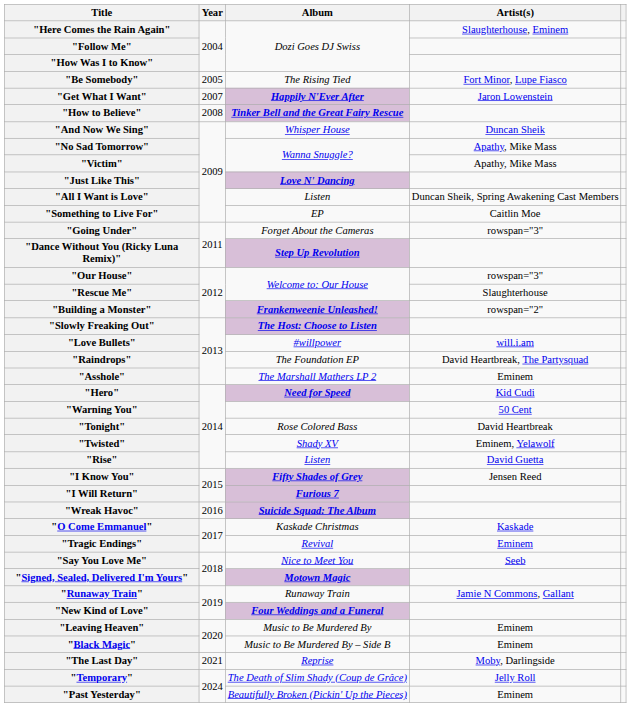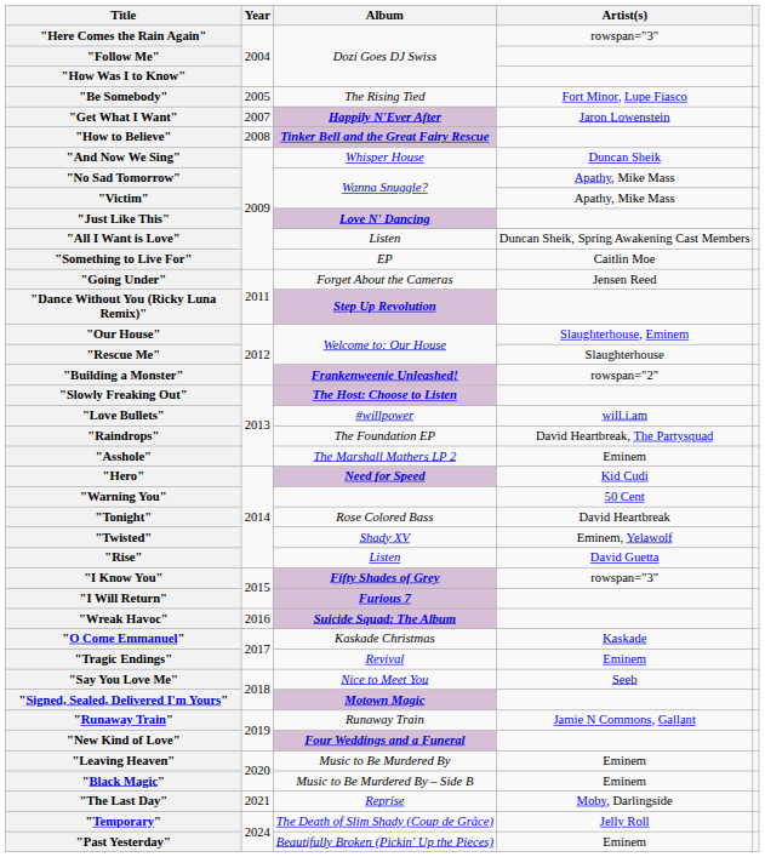 <table class="wikitable plainrowheaders" style="text-align:center;">
 <tr>
 <th scope="col" style="width:18em;">Title</th>
 <th scope="col">Year</th>
 <th scope="col">Album</th>
 <th scope="col">Artist(s)</th>
 <th scope="col"></th>
 </tr>
 <tr>
 <th scope="row">"Here Comes the Rain Again"</th>
 <td rowspan="3">2004</td>
 <td rowspan="3"><em>Dozi Goes DJ Swiss</em></td>
-<td><a href='#'>Slaughterhouse</a>, <a href='#'>Eminem</a></td>
+<td>rowspan="3" </td>
 <td></td>
 </tr>
 <tr>
 <th scope="row">"Follow Me"</th>
 <td></td>
 </tr>
 <tr>
 <th scope="row">"How Was I to Know"</th>
 <td></td>
 </tr>
 <tr>
 <th scope="row">"Be Somebody"</th>
 <td>2005</td>
 <td><em>The Rising Tied</em></td>
 <td><a href='#'>Fort Minor</a>, <a href='#'>Lupe Fiasco</a></td>
 <td></td>
 </tr>
 <tr>
 <th scope="row">"Get What I Want"</th>
 <td>2007</td>
 <th style="background:thistle;"><em><a href='#'>Happily N'Ever After</a></em></th>
 <td><a href='#'>Jaron Lowenstein</a></td>
 <td></td>
 </tr>
 <tr>
 <th scope="row">"How to Believe"</th>
 <td>2008</td>
 <th style="background:thistle;"><em><a href='#'>Tinker Bell and the Great Fairy Rescue</a></em></th>
 <td></td>
 <td></td>
 </tr>
 <tr>
 <th scope="row">"And Now We Sing"</th>
 <td rowspan="6">2009</td>
 <td><em><a href='#'>Whisper House</a></em></td>
 <td><a href='#'>Duncan Sheik</a></td>
 <td></td>
 </tr>
 <tr>
 <th scope="row">"No Sad Tomorrow"</th>
 <td rowspan="2"><em><a href='#'>Wanna Snuggle?</a></em></td>
 <td><a href='#'>Apathy</a>, Mike Mass</td>
 <td></td>
 </tr>
 <tr>
 <th scope="row">"Victim"</th>
 <td>Apathy, Mike Mass</td>
 <td></td>
 </tr>
 <tr>
 <th scope="row">"Just Like This" </th>
 <th style="background:thistle;"><em><a href='#'>Love N' Dancing</a></em></th>
 <td></td>
 <td></td>
 </tr>
 <tr>
 <th scope="row">"All I Want is Love"</th>
 <td><em>Listen</em></td>
 <td>Duncan Sheik, Spring Awakening Cast Members</td>
 <td></td>
 </tr>
 <tr>
 <th scope="row">"Something to Live For" </th>
 <td><em>EP</em></td>
 <td>Caitlin Moe</td>
 <td></td>
 </tr>
 <tr>
 <th scope="row">"Going Under" </th>
 <td rowspan="2">2011</td>
 <td><em>Forget About the Cameras</em></td>
-<td>rowspan="3" </td>
+<td>Jensen Reed</td>
 <td></td>
 </tr>
 <tr>
 <th scope="row">"Dance Without You (Ricky Luna Remix)"</th>
 <th style="background:thistle;"><em><a href='#'>Step Up Revolution</a></em></th>
 <td></td>
 <td></td>
 </tr>
 <tr>
 <th scope="row">"Our House"</th>
 <td rowspan="3">2012</td>
 <td rowspan="2"><em><a href='#'>Welcome to: Our House</a></em></td>
-<td>rowspan="3" </td>
+<td><a href='#'>Slaughterhouse</a>, <a href='#'>Eminem</a></td>
 <td></td>
 </tr>
 <tr>
 <th scope="row">"Rescue Me"</th>
 <td>Slaughterhouse</td>
 <td></td>
 </tr>
 <tr>
 <th scope="row">"Building a Monster"</th>
 <th style="background:thistle;"><em><a href='#'>Frankenweenie Unleashed!</a></em></th>
 <td>rowspan="2" </td>
 <td></td>
 </tr>
 <tr>
 <th scope="row">"Slowly Freaking Out"</th>
 <td rowspan="4">2013</td>
 <th style="background:thistle;"><em><a href='#'>The Host: Choose to Listen</a></em></th>
 <td></td>
 </tr>
 <tr>
 <th scope="row">"Love Bullets"</th>
 <td><em><a href='#'>#willpower</a></em></td>
 <td><a href='#'>will.i.am</a></td>
 <td></td>
 </tr>
 <tr>
 <th scope="row">"Raindrops"</th>
 <td><em>The Foundation EP</em></td>
 <td>David Heartbreak, <a href='#'>The Partysquad</a></td>
 <td></td>
 </tr>
 <tr>
 <th scope="row">"Asshole"</th>
 <td><em><a href='#'>The Marshall Mathers LP 2</a></em></td>
 <td>Eminem</td>
 <td></td>
 </tr>
 <tr>
 <th scope="row">"Hero"</th>
 <td rowspan="5">2014</td>
 <th scope="center" style="background:thistle;"><a href='#'><em>Need for Speed</em></a></th>
 <td><a href='#'>Kid Cudi</a></td>
 <td></td>
 </tr>
 <tr>
 <th scope="row">"Warning You"</th>
 <td></td>
 <td><a href='#'>50 Cent</a></td>
 <td></td>
 </tr>
 <tr>
 <th scope="row">"Tonight"</th>
 <td><em>Rose Colored Bass</em></td>
 <td>David Heartbreak</td>
 <td></td>
 </tr>
 <tr>
 <th scope="row">"Twisted"</th>
 <td><em><a href='#'>Shady XV</a></em></td>
 <td>Eminem, <a href='#'>Yelawolf</a></td>
 <td></td>
 </tr>
 <tr>
 <th scope="row">"Rise"</th>
 <td><em><a href='#'>Listen</a></em></td>
 <td><a href='#'>David Guetta</a></td>
 <td></td>
 </tr>
 <tr>
 <th scope="row">"I Know You"</th>
 <td rowspan="2">2015</td>
 <th scope="center" style="background:thistle;"><a href='#'><em>Fifty Shades of Grey</em></a></th>
-<td>Jensen Reed</td>
+<td>rowspan="3" </td>
 <td></td>
 </tr>
 <tr>
 <th scope="row">"I Will Return"</th>
 <th scope="center" style="background:thistle;"><em><a href='#'>Furious 7</a></em></th>
 <td></td>
 </tr>
 <tr>
 <th scope="row">"Wreak Havoc"</th>
 <td>2016</td>
 <th scope="center" style="background:thistle;"><em><a href='#'>Suicide Squad: The Album</a></em></th>
 <td></td>
 </tr>
 <tr>
 <th scope="row">"<a href='#'>O Come Emmanuel</a>"</th>
 <td rowspan="2">2017</td>
 <td><em>Kaskade Christmas</em></td>
 <td><a href='#'>Kaskade</a></td>
 <td></td>
 </tr>
 <tr>
 <th scope="row">"Tragic Endings"</th>
 <td><em><a href='#'>Revival</a></em></td>
 <td><a href='#'>Eminem</a></td>
 <td></td>
 </tr>
 <tr>
 <th scope="row">"Say You Love Me"</th>
 <td rowspan="2">2018</td>
 <td><em><a href='#'>Nice to Meet You</a></em></td>
 <td><a href='#'>Seeb</a></td>
 <td></td>
 </tr>
 <tr>
 <th scope="row">"<a href='#'>Signed, Sealed, Delivered I'm Yours</a>"</th>
 <th style="background:thistle;"><em><a href='#'>Motown Magic</a></em></th>
 <td></td>
 <td></td>
 </tr>
 <tr>
 <th scope="row">"<a href='#'>Runaway Train</a>"</th>
 <td rowspan="2">2019</td>
 <td><em>Runaway Train</em></td>
 <td><a href='#'>Jamie N Commons</a>, <a href='#'>Gallant</a></td>
 <td></td>
 </tr>
 <tr>
 <th scope="row">"New Kind of Love"</th>
 <th style="background:thistle;"><em><a href='#'>Four Weddings and a Funeral</a></em></th>
 <td></td>
 <td></td>
 </tr>
 <tr>
 <th scope="row">"Leaving Heaven"</th>
 <td rowspan="2">2020</td>
 <td><em>Music to Be Murdered By</em></td>
 <td>Eminem</td>
 <td></td>
 </tr>
 <tr>
 <th scope="row">"<a href='#'>Black Magic</a>"</th>
 <td><em>Music to Be Murdered By – Side B</em></td>
 <td>Eminem</td>
 <td></td>
 </tr>
 <tr>
 <th scope="row">"The Last Day"</th>
 <td rowspan="1">2021</td>
 <td><em><a href='#'>Reprise</a></em></td>
 <td><a href='#'>Moby</a>, Darlingside</td>
 <td></td>
 </tr>
 <tr>
 <th scope="row">"<a href='#'>Temporary</a>"</th>
 <td rowspan="2">2024</td>
 <td><em><a href='#'>The Death of Slim Shady (Coup de Grâce)</a></em></td>
 <td><a href='#'>Jelly Roll</a></td>
 <td></td>
 </tr>
 <tr>
 <th scope="row">"Past Yesterday"</th>
 <td><em><a href='#'>Beautifully Broken (Pickin' Up the Pieces)</a></em></td>
 <td>Eminem</td>
 <td></td>
 </tr>
 </table>
